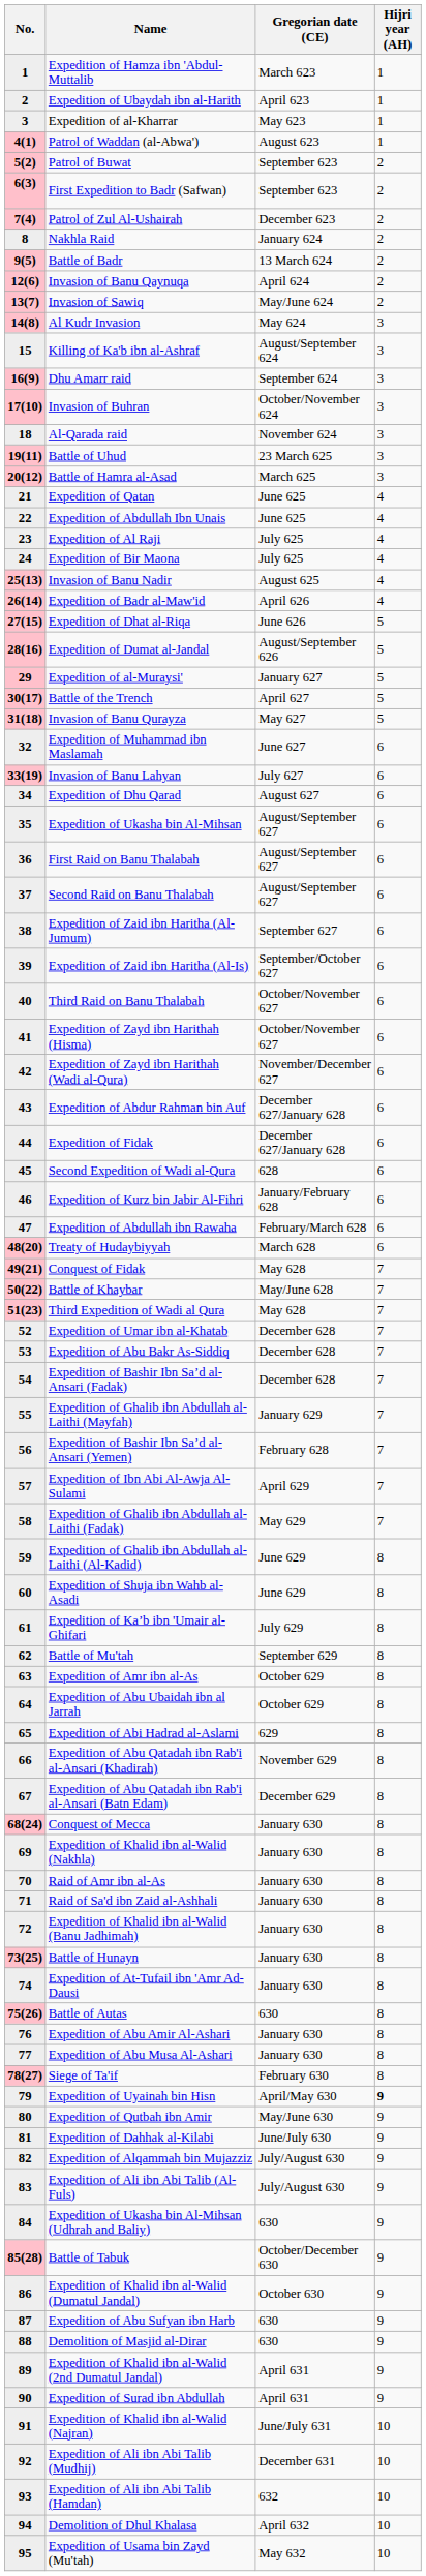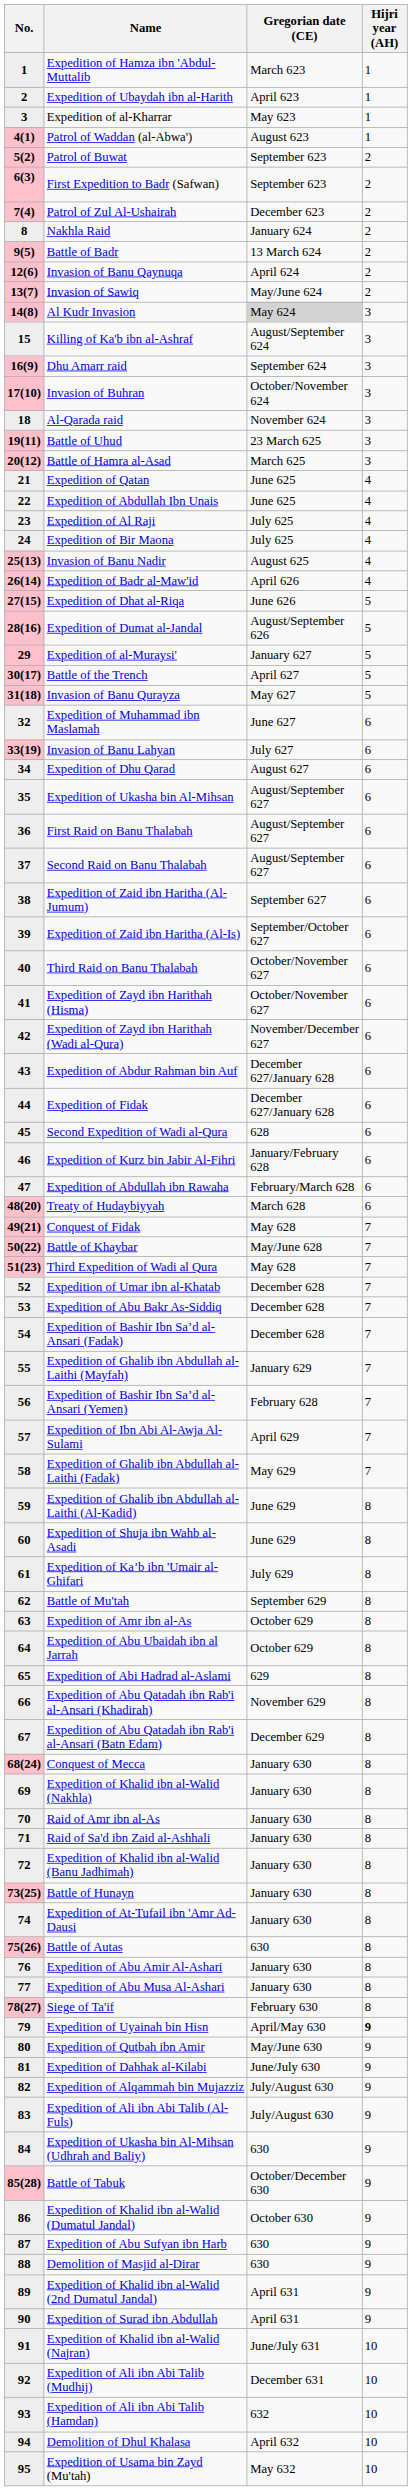 <table class="wikitable" style="text-align: left;">
 <tr>
 <th width ="12">No.</th>
 <th width ="250">Name</th>
 <th width ="80">Gregorian date (CE)</th>
 <th width ="50">Hijri year (AH)</th>
 </tr>
 <tr>
 <th style="background: #EEEEEE;">1</th>
 <td><a href='#'>Expedition of Hamza ibn 'Abdul-Muttalib</a></td>
 <td>March 623</td>
 <td>1</td>
 </tr>
 <tr>
 <th style="background: #EEEEEE;">2</th>
 <td><a href='#'>Expedition of Ubaydah ibn al-Harith</a></td>
 <td>April 623</td>
 <td>1</td>
 </tr>
 <tr>
 <th style="background: #EEEEEE;">3</th>
 <td>Expedition of al-Kharrar</td>
 <td>May 623</td>
 <td>1</td>
 </tr>
 <tr>
 <th style="background: pink;">4(1)</th>
 <td><a href='#'>Patrol of Waddan</a> (al-Abwa')</td>
 <td>August 623</td>
 <td>1</td>
 </tr>
 <tr>
 <th style="background: pink;">5(2)</th>
 <td><a href='#'>Patrol of Buwat</a></td>
 <td>September 623</td>
 <td>2</td>
 </tr>
 <tr>
 <th style="background: pink;">6(3)<br><br></th>
 <td><a href='#'>First Expedition to Badr</a> (Safwan)</td>
 <td>September 623</td>
 <td>2</td>
 </tr>
 <tr>
 <th style="background: pink;">7(4)</th>
 <td><a href='#'>Patrol of Zul Al-Ushairah</a></td>
 <td>December 623</td>
 <td>2</td>
 </tr>
 <tr>
 <th style="background: #EEEEEE;">8</th>
 <td><a href='#'>Nakhla Raid</a></td>
 <td>January 624</td>
 <td>2</td>
 </tr>
 <tr>
 <th style="background: pink;">9(5)</th>
 <td><a href='#'>Battle of Badr</a></td>
 <td>13 March 624</td>
 <td>2</td>
 </tr>
 <tr>
 <th style="background: pink;">12(6)</th>
 <td><a href='#'>Invasion of Banu Qaynuqa</a></td>
 <td>April 624</td>
 <td>2</td>
 </tr>
 <tr>
 <th style="background: pink;">13(7)</th>
 <td><a href='#'>Invasion of Sawiq</a></td>
 <td>May/June 624</td>
 <td>2</td>
 </tr>
 <tr>
 <th style="background: pink;">14(8)</th>
 <td><a href='#'>Al Kudr Invasion</a></td>
-<td>May 624</td>
+<td style="background: lightgrey;">May 624</td>
 <td>3</td>
 </tr>
 <tr>
 <th style="background: #EEEEEE;">15</th>
 <td><a href='#'>Killing of Ka'b ibn al-Ashraf</a></td>
 <td>August/September 624</td>
 <td>3</td>
 </tr>
 <tr>
 <th style="background: pink;">16(9)</th>
 <td><a href='#'>Dhu Amarr raid</a></td>
 <td>September 624</td>
 <td>3</td>
 </tr>
 <tr>
 <th style="background: pink;">17(10)</th>
 <td><a href='#'>Invasion of Buhran</a></td>
 <td>October/November 624</td>
 <td>3</td>
 </tr>
 <tr>
 <th style="background: #EEEEEE;">18</th>
 <td><a href='#'>Al-Qarada raid</a></td>
 <td>November 624</td>
 <td>3</td>
 </tr>
 <tr>
 <th style="background: pink;">19(11)</th>
 <td><a href='#'>Battle of Uhud</a></td>
 <td>23 March 625</td>
 <td>3</td>
 </tr>
 <tr>
 <th style="background: pink;">20(12)</th>
 <td><a href='#'>Battle of Hamra al-Asad</a></td>
 <td>March 625</td>
 <td>3</td>
 </tr>
 <tr>
 <th style="background: #EEEEEE;">21</th>
 <td><a href='#'>Expedition of Qatan</a></td>
 <td>June 625</td>
 <td>4</td>
 </tr>
 <tr>
 <th style="background: #EEEEEE;">22</th>
 <td><a href='#'>Expedition of Abdullah Ibn Unais</a></td>
 <td>June 625</td>
 <td>4</td>
 </tr>
 <tr>
 <th style="background: #EEEEEE;">23</th>
 <td><a href='#'>Expedition of Al Raji</a></td>
 <td>July 625</td>
 <td>4</td>
 </tr>
 <tr>
 <th style="background: #EEEEEE;">24</th>
 <td><a href='#'>Expedition of Bir Maona</a></td>
 <td>July 625</td>
 <td>4</td>
 </tr>
 <tr>
 <th style="background: pink;">25(13)</th>
 <td><a href='#'>Invasion of Banu Nadir</a></td>
 <td>August 625</td>
 <td>4</td>
 </tr>
 <tr>
 <th style="background: pink;">26(14)</th>
 <td><a href='#'>Expedition of Badr al-Maw'id</a></td>
 <td>April 626</td>
 <td>4</td>
 </tr>
 <tr>
 <th style="background: pink;">27(15)</th>
 <td><a href='#'>Expedition of Dhat al-Riqa</a></td>
 <td>June 626</td>
 <td>5</td>
 </tr>
 <tr>
 <th style="background: pink;">28(16)</th>
 <td><a href='#'>Expedition of Dumat al-Jandal</a></td>
 <td>August/September 626</td>
 <td>5</td>
 </tr>
 <tr>
 <th style="background: pink;">29</th>
 <td><a href='#'>Expedition of al-Muraysi'</a></td>
 <td>January 627</td>
 <td>5</td>
 </tr>
 <tr>
 <th style="background: pink;">30(17)</th>
 <td><a href='#'>Battle of the Trench</a></td>
 <td>April 627</td>
 <td>5</td>
 </tr>
 <tr>
 <th style="background: pink;">31(18)</th>
 <td><a href='#'>Invasion of Banu Qurayza</a></td>
 <td>May 627</td>
 <td>5</td>
 </tr>
 <tr>
 <th style="background: #EEEEEE;">32</th>
 <td><a href='#'>Expedition of Muhammad ibn Maslamah</a></td>
 <td>June 627</td>
 <td>6</td>
 </tr>
 <tr>
 <th style="background: pink;">33(19)</th>
 <td><a href='#'>Invasion of Banu Lahyan</a></td>
 <td>July  627</td>
 <td>6</td>
 </tr>
 <tr>
 <th style="background: #EEEEEE;">34</th>
 <td><a href='#'>Expedition of Dhu Qarad</a></td>
 <td>August 627</td>
 <td>6</td>
 </tr>
 <tr>
 <th style="background: #EEEEEE;">35</th>
 <td><a href='#'>Expedition of Ukasha bin Al-Mihsan</a></td>
 <td>August/September 627</td>
 <td>6</td>
 </tr>
 <tr>
 <th style="background: #EEEEEE;">36</th>
 <td><a href='#'>First Raid on Banu Thalabah</a></td>
 <td>August/September 627</td>
 <td>6</td>
 </tr>
 <tr>
 <th style="background: #EEEEEE;">37</th>
 <td><a href='#'>Second Raid on Banu Thalabah</a></td>
 <td>August/September 627</td>
 <td>6</td>
 </tr>
 <tr>
 <th style="background: #EEEEEE;">38</th>
 <td><a href='#'>Expedition of Zaid ibn Haritha (Al-Jumum)</a></td>
 <td>September 627</td>
 <td>6</td>
 </tr>
 <tr>
 <th style="background: #EEEEEE;">39</th>
 <td><a href='#'>Expedition of Zaid ibn Haritha (Al-Is)</a></td>
 <td>September/October 627</td>
 <td>6</td>
 </tr>
 <tr>
 <th style="background: #EEEEEE;">40</th>
 <td><a href='#'>Third Raid on Banu Thalabah</a></td>
 <td>October/November 627</td>
 <td>6</td>
 </tr>
 <tr>
 <th style="background: #EEEEEE;">41</th>
 <td><a href='#'>Expedition of Zayd ibn Harithah (Hisma)</a></td>
 <td>October/November 627</td>
 <td>6</td>
 </tr>
 <tr>
 <th style="background: #EEEEEE;">42</th>
 <td><a href='#'>Expedition of Zayd ibn Harithah (Wadi al-Qura)</a></td>
 <td>November/December 627</td>
 <td>6</td>
 </tr>
 <tr>
 <th style="background: #EEEEEE;">43</th>
 <td><a href='#'>Expedition of Abdur Rahman bin Auf</a></td>
 <td>December 627/January 628</td>
 <td>6</td>
 </tr>
 <tr>
 <th style="background: #EEEEEE;">44</th>
 <td><a href='#'>Expedition of Fidak</a></td>
 <td>December 627/January 628</td>
 <td>6</td>
 </tr>
 <tr>
 <th style="background: #EEEEEE;">45</th>
 <td><a href='#'>Second Expedition of Wadi al-Qura</a></td>
 <td>628</td>
 <td>6</td>
 </tr>
 <tr>
 <th style="background: #EEEEEE;">46</th>
 <td><a href='#'>Expedition of Kurz bin Jabir Al-Fihri</a></td>
 <td>January/February 628</td>
 <td>6</td>
 </tr>
 <tr>
 <th style="background: #EEEEEE;">47</th>
 <td><a href='#'>Expedition of Abdullah ibn Rawaha</a></td>
 <td>February/March 628</td>
 <td>6</td>
 </tr>
 <tr>
 <th style="background: pink;">48(20)</th>
 <td><a href='#'>Treaty of Hudaybiyyah</a></td>
 <td>March 628</td>
 <td>6</td>
 </tr>
 <tr>
 <th style="background: pink;">49(21)</th>
 <td><a href='#'>Conquest of Fidak</a></td>
 <td>May 628</td>
 <td>7</td>
 </tr>
 <tr>
 <th style="background: pink;">50(22)</th>
 <td><a href='#'>Battle of Khaybar</a></td>
 <td>May/June 628</td>
 <td>7</td>
 </tr>
 <tr>
 <th style="background: pink;">51(23)</th>
 <td><a href='#'>Third Expedition of Wadi al Qura</a></td>
 <td>May 628</td>
 <td>7</td>
 </tr>
 <tr>
 <th style="background: #EEEEEE;">52</th>
 <td><a href='#'>Expedition of Umar ibn al-Khatab</a></td>
 <td>December 628</td>
 <td>7</td>
 </tr>
 <tr>
 <th style="background: #EEEEEE;">53</th>
 <td><a href='#'>Expedition of Abu Bakr As-Siddiq</a></td>
 <td>December 628</td>
 <td>7</td>
 </tr>
 <tr>
 <th style="background: #EEEEEE;">54</th>
 <td><a href='#'>Expedition of Bashir Ibn Sa’d al-Ansari (Fadak)</a></td>
 <td>December 628</td>
 <td>7</td>
 </tr>
 <tr>
 <th style="background: #EEEEEE;">55</th>
 <td><a href='#'>Expedition of Ghalib ibn Abdullah al-Laithi (Mayfah)</a></td>
 <td>January 629</td>
 <td>7</td>
 </tr>
 <tr>
 <th style="background: #EEEEEE;">56</th>
 <td><a href='#'>Expedition of Bashir Ibn Sa’d al-Ansari (Yemen)</a></td>
 <td>February 628</td>
 <td>7</td>
 </tr>
 <tr>
 <th style="background: #EEEEEE;">57</th>
 <td><a href='#'>Expedition of Ibn Abi Al-Awja Al-Sulami</a></td>
 <td>April 629</td>
 <td>7</td>
 </tr>
 <tr>
 <th style="background: #EEEEEE;">58</th>
 <td><a href='#'>Expedition of Ghalib ibn Abdullah al-Laithi (Fadak)</a></td>
 <td>May 629</td>
 <td>7</td>
 </tr>
 <tr>
 <th style="background: #EEEEEE;">59</th>
 <td><a href='#'>Expedition of Ghalib ibn Abdullah al-Laithi (Al-Kadid)</a></td>
 <td>June 629</td>
 <td>8</td>
 </tr>
 <tr>
 <th style="background: #EEEEEE;">60</th>
 <td><a href='#'>Expedition of Shuja ibn Wahb al-Asadi</a></td>
 <td>June 629</td>
 <td>8</td>
 </tr>
 <tr>
 <th style="background: #EEEEEE;">61</th>
 <td><a href='#'>Expedition of Ka’b ibn 'Umair al-Ghifari</a></td>
 <td>July 629</td>
 <td>8</td>
 </tr>
 <tr>
 <th style="background: #EEEEEE;">62</th>
 <td><a href='#'>Battle of Mu'tah</a></td>
 <td>September 629</td>
 <td>8</td>
 </tr>
 <tr>
 <th style="background: #EEEEEE;">63</th>
 <td><a href='#'>Expedition of Amr ibn al-As</a></td>
 <td>October 629</td>
 <td>8</td>
 </tr>
 <tr>
 <th style="background: #EEEEEE;">64</th>
 <td><a href='#'>Expedition of Abu Ubaidah ibn al Jarrah</a></td>
 <td>October 629</td>
 <td>8</td>
 </tr>
 <tr>
 <th style="background: #EEEEEE;">65</th>
 <td><a href='#'>Expedition of Abi Hadrad al-Aslami</a></td>
 <td>629</td>
 <td>8</td>
 </tr>
 <tr>
 <th style="background: #EEEEEE;">66</th>
 <td><a href='#'>Expedition of Abu Qatadah ibn Rab'i al-Ansari (Khadirah)</a></td>
 <td>November 629</td>
 <td>8</td>
 </tr>
 <tr>
 <th style="background: #EEEEEE;">67</th>
 <td><a href='#'>Expedition of Abu Qatadah ibn Rab'i al-Ansari (Batn Edam)</a></td>
 <td>December 629</td>
 <td>8</td>
 </tr>
 <tr>
 <th style="background: pink;">68(24)</th>
 <td><a href='#'>Conquest of Mecca</a></td>
 <td>January 630</td>
 <td>8</td>
 </tr>
 <tr>
 <th style="background: #EEEEEE;">69</th>
 <td><a href='#'>Expedition of Khalid ibn al-Walid (Nakhla)</a></td>
 <td>January 630</td>
 <td>8</td>
 </tr>
 <tr>
 <th style="background: #EEEEEE;">70</th>
 <td><a href='#'>Raid of Amr ibn al-As</a></td>
 <td>January 630</td>
 <td>8</td>
 </tr>
 <tr>
 <th style="background: #EEEEEE;">71</th>
 <td><a href='#'>Raid of Sa'd ibn Zaid al-Ashhali</a></td>
 <td>January 630</td>
 <td>8</td>
 </tr>
 <tr>
 <th style="background: #EEEEEE;">72</th>
 <td><a href='#'>Expedition of Khalid ibn al-Walid (Banu Jadhimah)</a></td>
 <td>January 630</td>
 <td>8</td>
 </tr>
 <tr>
 <th style="background: pink;">73(25)</th>
 <td><a href='#'>Battle of Hunayn</a></td>
 <td>January 630</td>
 <td>8</td>
 </tr>
 <tr>
 <th style="background: #EEEEEE;">74</th>
 <td><a href='#'>Expedition of At-Tufail ibn 'Amr Ad-Dausi</a></td>
 <td>January 630</td>
 <td>8</td>
 </tr>
 <tr>
 <th style="background: pink;">75(26)</th>
 <td><a href='#'>Battle of Autas</a></td>
 <td>630</td>
 <td>8</td>
 </tr>
 <tr>
 <th style="background: #EEEEEE;">76</th>
 <td><a href='#'>Expedition of Abu Amir Al-Ashari</a></td>
 <td>January 630</td>
 <td>8</td>
 </tr>
 <tr>
 <th style="background: #EEEEEE;">77</th>
 <td><a href='#'>Expedition of Abu Musa Al-Ashari</a></td>
 <td>January 630</td>
 <td>8</td>
 </tr>
 <tr>
 <th style="background: pink;">78(27)</th>
 <td><a href='#'>Siege of Ta'if</a></td>
 <td>February 630</td>
 <td>8</td>
 </tr>
 <tr>
 <th style="background: #EEEEEE;">79</th>
 <td><a href='#'>Expedition of Uyainah bin Hisn</a></td>
 <td>April/May 630</td>
 <td><strong>9</strong></td>
 </tr>
 <tr>
 <th style="background: #EEEEEE;">80</th>
 <td><a href='#'>Expedition of Qutbah ibn Amir</a></td>
 <td>May/June 630</td>
 <td>9</td>
 </tr>
 <tr>
 <th style="background: #EEEEEE;">81</th>
 <td><a href='#'>Expedition of Dahhak al-Kilabi</a></td>
 <td>June/July 630</td>
 <td>9</td>
 </tr>
 <tr>
 <th style="background: #EEEEEE;">82</th>
 <td><a href='#'>Expedition of Alqammah bin Mujazziz</a></td>
 <td>July/August 630</td>
 <td>9</td>
 </tr>
 <tr>
 <th style="background: #EEEEEE;">83</th>
 <td><a href='#'>Expedition of Ali ibn Abi Talib (Al-Fuls)</a></td>
 <td>July/August 630</td>
 <td>9</td>
 </tr>
 <tr>
 <th style="background: #EEEEEE;">84</th>
 <td><a href='#'>Expedition of Ukasha bin Al-Mihsan (Udhrah and Baliy)</a></td>
 <td>630</td>
 <td>9</td>
 </tr>
 <tr>
 <th style="background: pink;">85(28)</th>
 <td><a href='#'>Battle of Tabuk</a></td>
 <td>October/December 630</td>
 <td>9</td>
 </tr>
 <tr>
 <th style="background: #EEEEEE;">86</th>
 <td><a href='#'>Expedition of Khalid ibn al-Walid (Dumatul Jandal)</a></td>
 <td>October 630</td>
 <td>9</td>
 </tr>
 <tr>
 <th style="background: #EEEEEE;">87</th>
 <td><a href='#'>Expedition of Abu Sufyan ibn Harb</a></td>
 <td>630</td>
 <td>9</td>
 </tr>
 <tr>
 <th style="background: #EEEEEE;">88</th>
 <td><a href='#'>Demolition of Masjid al-Dirar</a></td>
 <td>630</td>
 <td>9</td>
 </tr>
 <tr>
 <th style="background: #EEEEEE;">89</th>
 <td><a href='#'>Expedition of Khalid ibn al-Walid (2nd Dumatul Jandal)</a></td>
 <td>April 631</td>
 <td>9</td>
 </tr>
 <tr>
 <th style="background: #EEEEEE;">90</th>
 <td><a href='#'>Expedition of Surad ibn Abdullah</a></td>
 <td>April 631</td>
 <td>9</td>
 </tr>
 <tr>
 <th style="background: #EEEEEE;">91</th>
 <td><a href='#'>Expedition of Khalid ibn al-Walid (Najran)</a></td>
 <td>June/July 631</td>
 <td>10</td>
 </tr>
 <tr>
 <th style="background: #EEEEEE;">92</th>
 <td><a href='#'>Expedition of Ali ibn Abi Talib (Mudhij)</a></td>
 <td>December 631</td>
 <td>10</td>
 </tr>
 <tr>
 <th style="background: #EEEEEE;">93</th>
 <td><a href='#'>Expedition of Ali ibn Abi Talib (Hamdan)</a></td>
 <td>632</td>
 <td>10</td>
 </tr>
 <tr>
 <th style="background: #EEEEEE;">94</th>
 <td><a href='#'>Demolition of Dhul Khalasa</a></td>
 <td>April 632</td>
 <td>10</td>
 </tr>
 <tr>
 <th style="background: #EEEEEE;">95</th>
 <td><a href='#'>Expedition of Usama bin Zayd</a> (Mu'tah)</td>
 <td>May 632</td>
 <td>10</td>
 </tr>
 </table>
